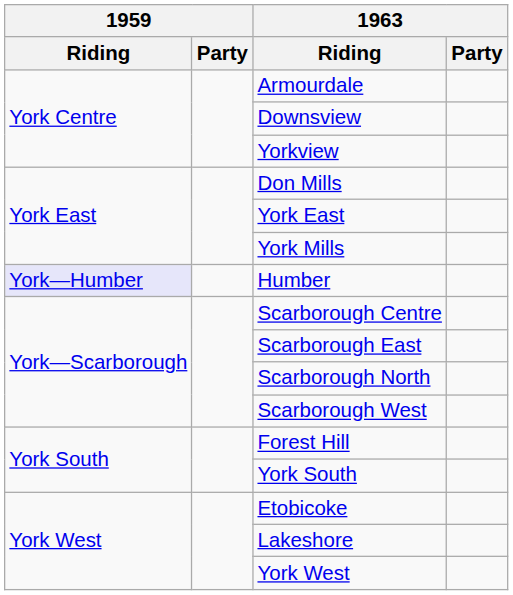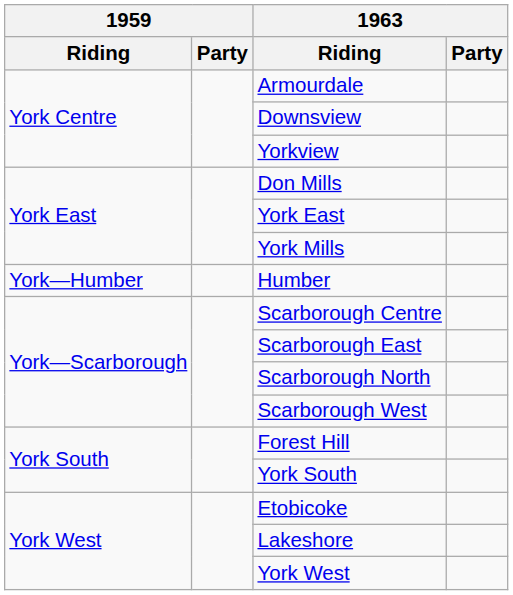 <table class="wikitable">
 <tr>
 <th colspan="2">1959</th>
 <th colspan="3">1963</th>
 </tr>
 <tr>
 <th>Riding</th>
 <th>Party</th>
 <th>Riding</th>
 <th>Party</th>
 </tr>
 <tr>
 <td rowspan="3"><a href='#'>York Centre</a></td>
 <td rowspan="3"></td>
 <td><a href='#'>Armourdale</a></td>
 <td></td>
 </tr>
 <tr>
 <td><a href='#'>Downsview</a></td>
 <td></td>
 </tr>
 <tr>
 <td><a href='#'>Yorkview</a></td>
 <td></td>
 </tr>
 <tr>
 <td rowspan="3"><a href='#'>York East</a></td>
 <td rowspan="3"></td>
 <td><a href='#'>Don Mills</a></td>
 <td></td>
 </tr>
 <tr>
 <td><a href='#'>York East</a></td>
 <td></td>
 </tr>
 <tr>
 <td><a href='#'>York Mills</a></td>
 <td></td>
 </tr>
 <tr>
-<td style="background: lavender;"><a href='#'>York—Humber</a></td>
+<td><a href='#'>York—Humber</a></td>
 <td></td>
 <td><a href='#'>Humber</a></td>
 <td></td>
 </tr>
 <tr>
 <td rowspan="4"><a href='#'>York—Scarborough</a></td>
 <td rowspan="4"></td>
 <td><a href='#'>Scarborough Centre</a></td>
 <td></td>
 </tr>
 <tr>
 <td><a href='#'>Scarborough East</a></td>
 <td></td>
 </tr>
 <tr>
 <td><a href='#'>Scarborough North</a></td>
 <td></td>
 </tr>
 <tr>
 <td><a href='#'>Scarborough West</a></td>
 <td></td>
 </tr>
 <tr>
 <td rowspan="2"><a href='#'>York South</a></td>
 <td rowspan="2"></td>
 <td><a href='#'>Forest Hill</a></td>
 <td></td>
 </tr>
 <tr>
 <td><a href='#'>York South</a></td>
 <td></td>
 </tr>
 <tr>
 <td rowspan="3"><a href='#'>York West</a></td>
 <td rowspan="3"></td>
 <td><a href='#'>Etobicoke</a></td>
 <td></td>
 </tr>
 <tr>
 <td><a href='#'>Lakeshore</a></td>
 <td></td>
 </tr>
 <tr>
 <td><a href='#'>York West</a></td>
 <td></td>
 </tr>
 </table>
